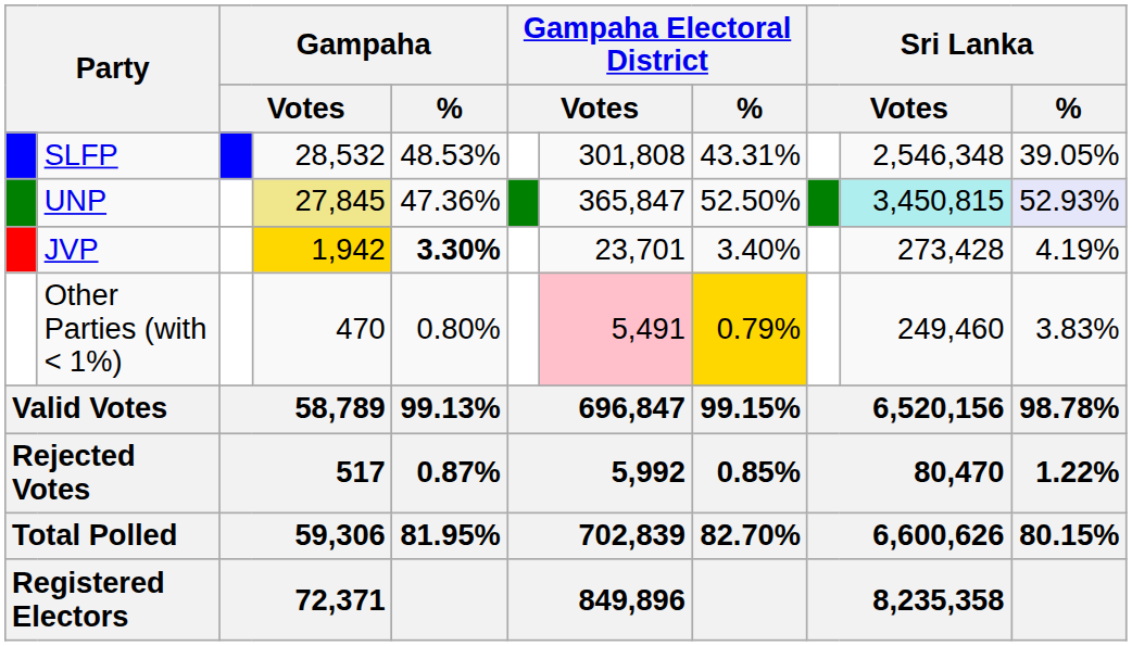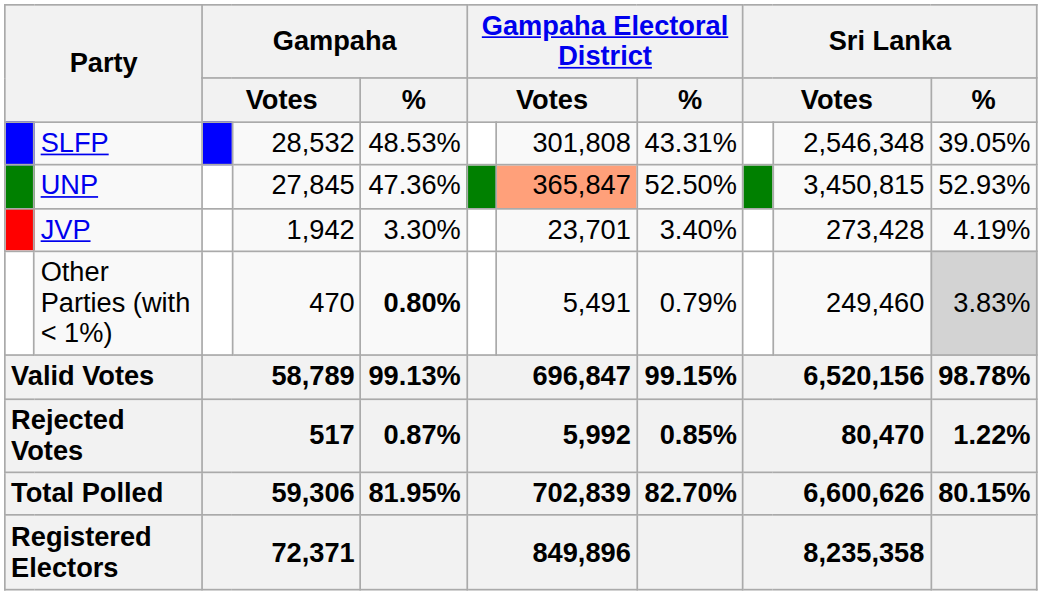 <table class="wikitable">
 <tr>
 <th colspan="2" width="144px"rowspan="2">Party</th>
 <th colspan="3" width="216px">Gampaha</th>
 <th colspan="3" width="216px"><a href='#'>Gampaha Electoral District</a></th>
 <th colspan="3" width="216px">Sri Lanka</th>
 </tr>
 <tr>
 <th colspan="2" width="144px">Votes</th>
 <th>%</th>
 <th colspan="2" width="144px">Votes</th>
 <th>%</th>
 <th colspan="2" width="144px">Votes</th>
 <th>%</th>
 </tr>
 <tr>
 <td style="background-color:blue;" width="10px"></td>
 <td style="text-align:left;"><a href='#'>SLFP</a></td>
 <td style="background-color:blue;" width="10px"></td>
 <td style="text-align:right;">28,532</td>
 <td style="text-align:right;">48.53%</td>
 <td style="background-color:white;" width="10px"></td>
 <td style="text-align:right;">301,808</td>
 <td style="text-align:right;">43.31%</td>
 <td style="background-color:white;" width="10px"></td>
 <td style="text-align:right;">2,546,348</td>
 <td style="text-align:right;">39.05%</td>
 </tr>
 <tr>
 <td style="background-color:green;" width="10px"></td>
 <td style="text-align:left;"><a href='#'>UNP</a></td>
 <td style="background-color:white;" width="10px"></td>
-<td style="background: khaki; text-align:right;">27,845</td>
+<td style="text-align:right;">27,845</td>
 <td style="text-align:right;">47.36%</td>
 <td style="background-color:green;" width="10px"></td>
-<td style="text-align:right;">365,847</td>
+<td style="background: lightsalmon; text-align:right;">365,847</td>
 <td style="text-align:right;">52.50%</td>
 <td style="background-color:green;" width="10px"></td>
-<td style="background: paleturquoise; text-align:right;">3,450,815</td>
-<td style="background: lavender; text-align:right;">52.93%</td>
+<td style="text-align:right;">3,450,815</td>
+<td style="text-align:right;">52.93%</td>
 </tr>
 <tr>
 <td style="background-color:red;" width="10px"></td>
 <td style="text-align:left;"><a href='#'>JVP</a></td>
 <td style="background-color:white;" width="10px"></td>
-<td style="background: gold; text-align:right;">1,942</td>
-<td style="text-align:right;"><strong>3.30%</strong></td>
+<td style="text-align:right;">1,942</td>
+<td style="text-align:right;">3.30%</td>
 <td style="background-color:white;" width="10px"></td>
 <td style="text-align:right;">23,701</td>
 <td style="text-align:right;">3.40%</td>
 <td style="background-color:white;" width="10px"></td>
 <td style="text-align:right;">273,428</td>
 <td style="text-align:right;">4.19%</td>
 </tr>
 <tr>
 <td style="background-color:white;" width="10px"></td>
 <td style="text-align:left;">Other Parties (with < 1%)</td>
 <td style="background-color:white;" width="10px"></td>
 <td style="text-align:right;">470</td>
-<td style="text-align:right;">0.80%</td>
+<td style="text-align:right;"><strong>0.80%</strong></td>
 <td style="background-color:white;" width="10px"></td>
-<td style="background: pink; text-align:right;">5,491</td>
-<td style="background: gold; text-align:right;">0.79%</td>
+<td style="text-align:right;">5,491</td>
+<td style="text-align:right;">0.79%</td>
 <td style="background-color:white;" width="10px"></td>
 <td style="text-align:right;">249,460</td>
-<td style="text-align:right;">3.83%</td>
+<td style="background: lightgrey; text-align:right;">3.83%</td>
 </tr>
 <tr>
 <th colspan="2" width="144px"style="text-align:left;">Valid Votes</th>
 <th style="text-align:right;"colspan="2" width="144px">58,789</th>
 <th style="text-align:right;">99.13%</th>
 <th style="text-align:right;"colspan="2" width="144px">696,847</th>
 <th style="text-align:right;">99.15%</th>
 <th style="text-align:right;"colspan="2" width="144px">6,520,156</th>
 <th style="text-align:right;">98.78%</th>
 </tr>
 <tr>
 <th colspan="2" width="144px"style="text-align:left;">Rejected Votes</th>
 <th style="text-align:right;"colspan="2" width="144px">517</th>
 <th style="text-align:right;">0.87%</th>
 <th style="text-align:right;"colspan="2" width="144px">5,992</th>
 <th style="text-align:right;">0.85%</th>
 <th style="text-align:right;"colspan="2" width="144px">80,470</th>
 <th style="text-align:right;">1.22%</th>
 </tr>
 <tr>
 <th colspan="2" width="144px"style="text-align:left;">Total Polled</th>
 <th style="text-align:right;"colspan="2" width="144px">59,306</th>
 <th style="text-align:right;">81.95%</th>
 <th style="text-align:right;"colspan="2" width="144px">702,839</th>
 <th style="text-align:right;">82.70%</th>
 <th style="text-align:right;"colspan="2" width="144px">6,600,626</th>
 <th style="text-align:right;">80.15%</th>
 </tr>
 <tr>
 <th colspan="2" width="144px"style="text-align:left;">Registered Electors</th>
 <th style="text-align:right;"colspan="2" width="144px">72,371</th>
 <th></th>
 <th style="text-align:right;"colspan="2" width="144px">849,896</th>
 <th></th>
 <th style="text-align:right;"colspan="2" width="144px">8,235,358</th>
 <th></th>
 </tr>
 </table>
